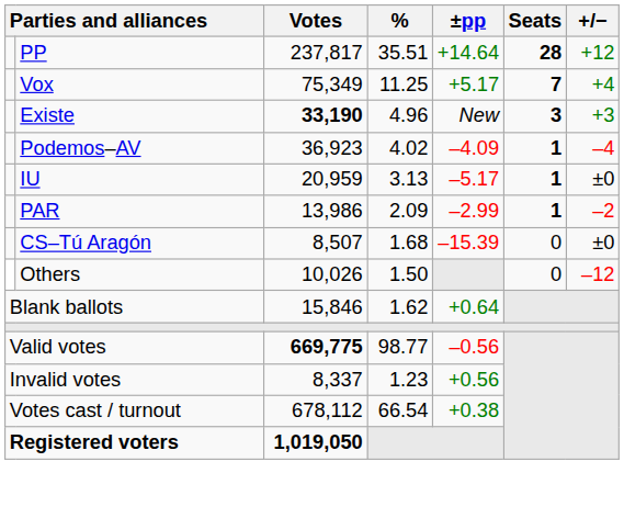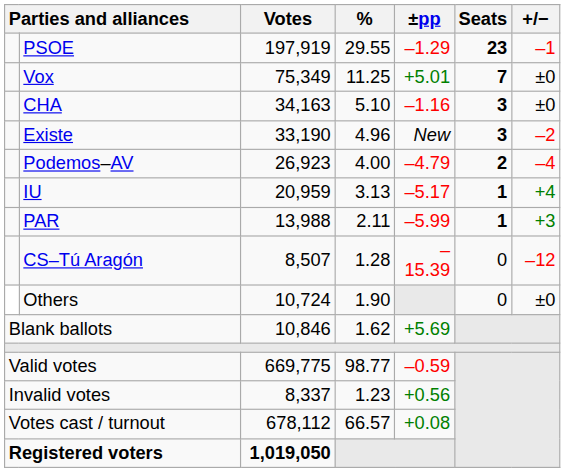 <table class="wikitable" style="text-align:right;">
 <tr>
 <th style="text-align:left;" colspan="2" width="200">Parties and alliances</th>
 <th width="75">Votes</th>
 <th width="45">%</th>
 <th width="45">±<a href='#'>pp</a></th>
 <th width="35">Seats</th>
 <th width="35">+/−</th>
 </tr>
 <tr>
-<td width="1" style="color:inherit;background:"></td>
-<td align="left"><a href='#'>PP</a></td>
-<td>237,817</td>
-<td>35.51</td>
-<td style="color:green;">+14.64</td>
-<td><strong>28</strong></td>
-<td style="color:green;">+12</td>
+<td style="color:inherit;background:"></td>
+<td align="left"><a href='#'>PSOE</a></td>
+<td>197,919</td>
+<td>29.55</td>
+<td style="color:red;">–1.29</td>
+<td><strong>23</strong></td>
+<td style="color:red;">–1</td>
 </tr>
 <tr>
 <td style="color:inherit;background:"></td>
 <td align="left"><a href='#'>Vox</a></td>
 <td>75,349</td>
 <td>11.25</td>
-<td style="color:green;">+5.17</td>
+<td style="color:green;">+5.01</td>
 <td><strong>7</strong></td>
-<td style="color:green;">+4</td>
+<td>±0</td>
+</tr>
+<tr>
+<td style="color:inherit;background:"></td>
+<td align="left"><a href='#'>CHA</a></td>
+<td>34,163</td>
+<td>5.10</td>
+<td style="color:red;">–1.16</td>
+<td><strong>3</strong></td>
+<td>±0</td>
 </tr>
 <tr>
 <td style="color:inherit;background:"></td>
 <td align="left"><a href='#'>Existe</a></td>
-<td><strong>33,190</strong></td>
+<td>33,190</td>
 <td>4.96</td>
 <td><em>New</em></td>
 <td><strong>3</strong></td>
-<td style="color:green;">+3</td>
+<td style="color:red;">–2</td>
 </tr>
 <tr>
 <td style="color:inherit;background:"></td>
 <td align="left"><a href='#'>Podemos</a>–<a href='#'>AV</a></td>
-<td>36,923</td>
-<td>4.02</td>
-<td style="color:red;">–4.09</td>
-<td><strong>1</strong></td>
+<td>26,923</td>
+<td>4.00</td>
+<td style="color:red;">–4.79</td>
+<td><strong>2</strong></td>
 <td style="color:red;">–4</td>
 </tr>
 <tr>
 <td style="color:inherit;background:"></td>
 <td align="left"><a href='#'>IU</a></td>
 <td>20,959</td>
 <td>3.13</td>
 <td style="color:red;">–5.17</td>
 <td><strong>1</strong></td>
-<td>±0</td>
+<td style="color:green;">+4</td>
 </tr>
 <tr>
 <td style="color:inherit;background:"></td>
 <td align="left"><a href='#'>PAR</a></td>
-<td>13,986</td>
-<td>2.09</td>
-<td style="color:red;">–2.99</td>
+<td>13,988</td>
+<td>2.11</td>
+<td style="color:red;">–5.99</td>
 <td><strong>1</strong></td>
-<td style="color:red;">–2</td>
+<td style="color:green;">+3</td>
 </tr>
 <tr>
 <td style="color:inherit;background:"></td>
 <td align="left"><a href='#'>CS–Tú Aragón</a></td>
 <td>8,507</td>
-<td>1.68</td>
+<td>1.28</td>
 <td style="color:red;">–15.39</td>
+<td>0</td>
+<td style="color:red;">–12</td>
+</tr>
+<tr>
+<td bgcolor="white"></td>
+<td align="left">Others</td>
+<td>10,724</td>
+<td>1.90</td>
+<td bgcolor="#E9E9E9"></td>
 <td>0</td>
 <td>±0</td>
 </tr>
 <tr>
-<td bgcolor="white"></td>
-<td align="left">Others</td>
-<td>10,026</td>
-<td>1.50</td>
-<td bgcolor="#E9E9E9"></td>
-<td>0</td>
-<td style="color:red;">–12</td>
-</tr>
-<tr>
 <td align="left" colspan="2">Blank ballots</td>
-<td>15,846</td>
+<td>10,846</td>
 <td>1.62</td>
-<td style="color:green;">+0.64</td>
+<td style="color:green;">+5.69</td>
 <td bgcolor="#E9E9E9" colspan="2"></td>
 </tr>
 <tr>
 <td colspan="7" bgcolor="#E9E9E9"></td>
 </tr>
 <tr>
 <td align="left" colspan="2">Valid votes</td>
-<td><strong>669,775</strong></td>
+<td>669,775</td>
 <td>98.77</td>
-<td style="color:red;">–0.56</td>
+<td style="color:red;">–0.59</td>
 <td bgcolor="#E9E9E9" colspan="2" rowspan="4"></td>
 </tr>
 <tr>
 <td align="left" colspan="2">Invalid votes</td>
 <td>8,337</td>
 <td>1.23</td>
 <td style="color:green;">+0.56</td>
 </tr>
 <tr>
 <td align="left" colspan="2">Votes cast / turnout</td>
 <td>678,112</td>
-<td>66.54</td>
-<td style="color:green;">+0.38</td>
+<td>66.57</td>
+<td style="color:green;">+0.08</td>
 </tr>
 <tr style="font-weight:bold;">
 <td align="left" colspan="2">Registered voters</td>
 <td>1,019,050</td>
 <td colspan="2" bgcolor="#E9E9E9"></td>
 </tr>
 </table>
